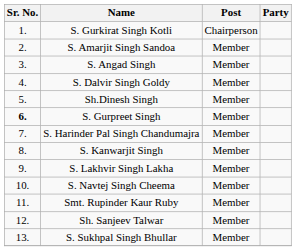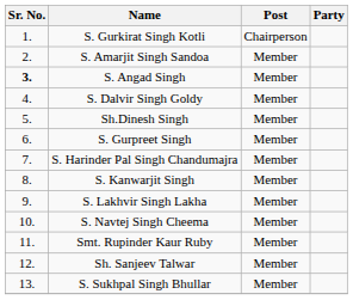 <table class="wikitable sortable">
 <tr>
 <th>Sr. No.</th>
 <th>Name</th>
 <th>Post</th>
 <th colspan="2">Party</th>
 </tr>
 <tr align="center">
 <td>1.</td>
 <td>S. Gurkirat Singh Kotli</td>
 <td>Chairperson</td>
 <td></td>
 </tr>
 <tr align="center">
 <td>2.</td>
 <td>S. Amarjit Singh Sandoa</td>
 <td>Member</td>
 <td></td>
 </tr>
 <tr align="center">
-<td>3.</td>
+<td><strong>3.</strong></td>
 <td>S. Angad Singh</td>
 <td>Member</td>
 <td></td>
 </tr>
 <tr align="center">
 <td>4.</td>
 <td>S. Dalvir Singh Goldy</td>
 <td>Member</td>
 <td></td>
 </tr>
 <tr align="center">
 <td>5.</td>
 <td>Sh.Dinesh Singh</td>
 <td>Member</td>
 <td></td>
 </tr>
 <tr align="center">
-<td><strong>6.</strong></td>
+<td>6.</td>
 <td>S. Gurpreet Singh</td>
 <td>Member</td>
 <td></td>
 </tr>
 <tr align="center">
 <td>7.</td>
 <td>S. Harinder Pal Singh Chandumajra</td>
 <td>Member</td>
 <td></td>
 </tr>
 <tr align="center">
 <td>8.</td>
 <td>S. Kanwarjit Singh</td>
 <td>Member</td>
 <td></td>
 </tr>
 <tr align="center">
 <td>9.</td>
 <td>S. Lakhvir Singh Lakha</td>
 <td>Member</td>
 <td></td>
 </tr>
 <tr align="center">
 <td>10.</td>
 <td>S. Navtej Singh Cheema</td>
 <td>Member</td>
 <td></td>
 </tr>
 <tr align="center">
 <td>11.</td>
 <td>Smt. Rupinder Kaur Ruby</td>
 <td>Member</td>
 <td></td>
 </tr>
 <tr align="center">
 <td>12.</td>
 <td>Sh. Sanjeev Talwar</td>
 <td>Member</td>
 <td></td>
 </tr>
 <tr align="center">
 <td>13.</td>
 <td>S. Sukhpal Singh Bhullar</td>
 <td>Member</td>
 <td></td>
 </tr>
 <tr align="center">
 </tr>
 </table>
